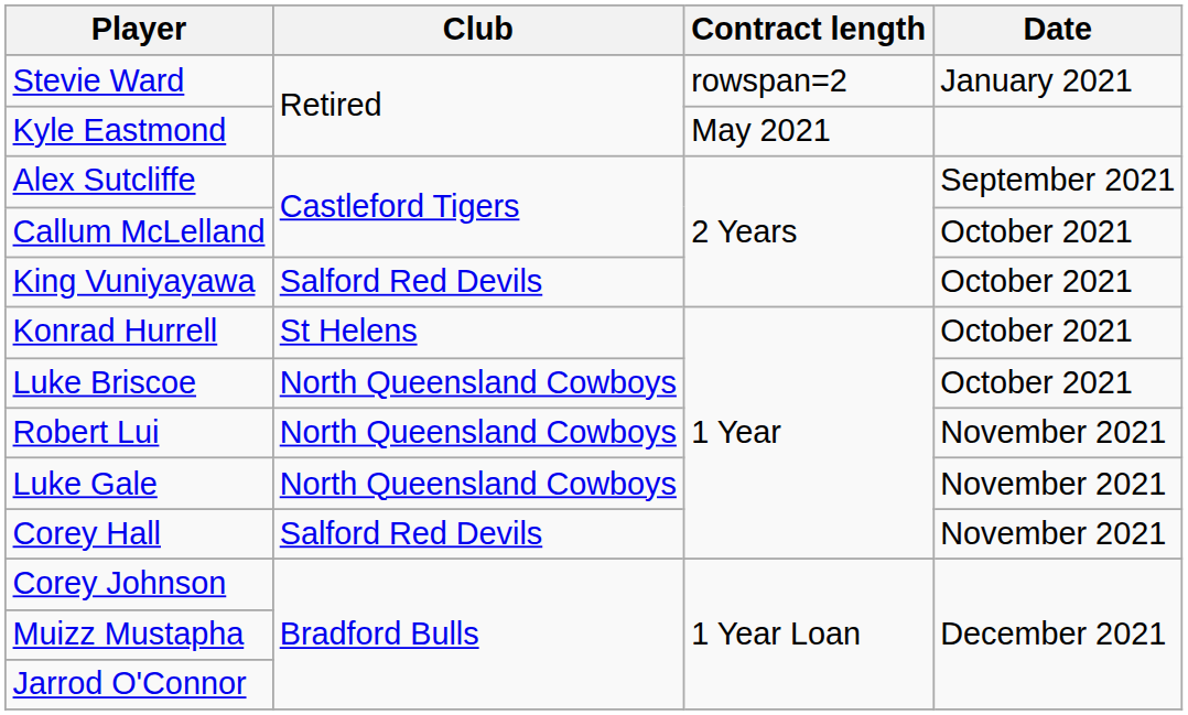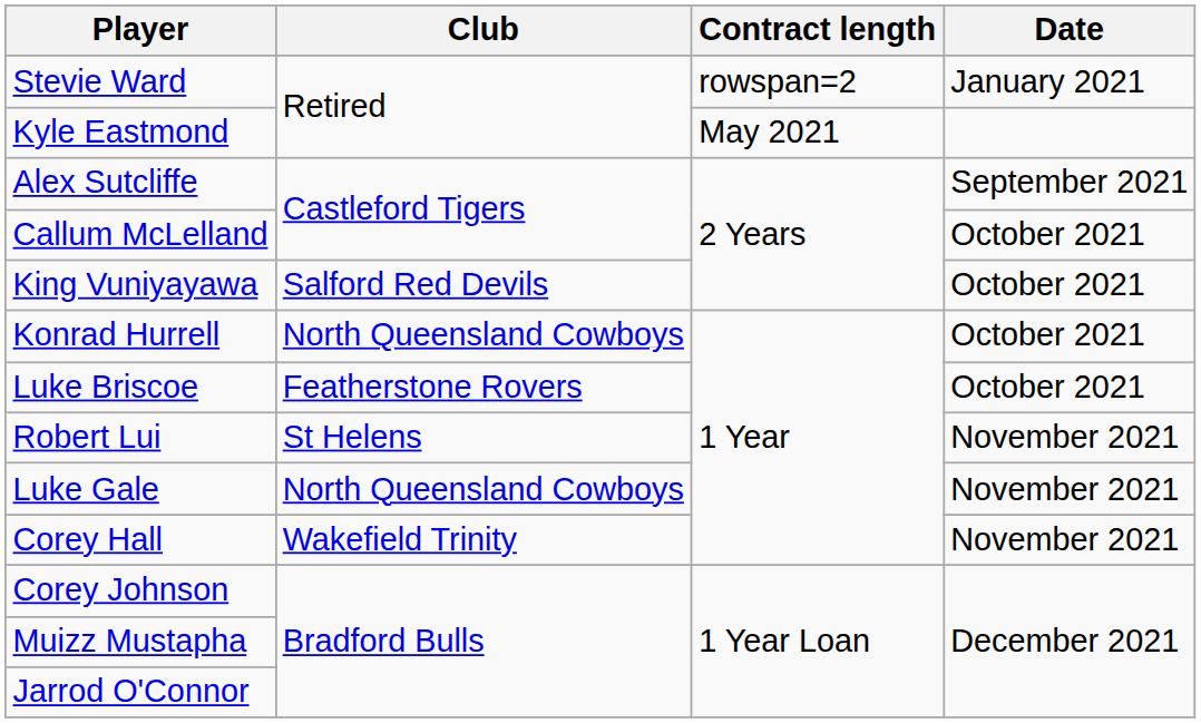 <table class="wikitable">
 <tr>
 <th>Player</th>
 <th>Club</th>
 <th>Contract length</th>
 <th>Date</th>
 </tr>
 <tr>
 <td> <a href='#'>Stevie Ward</a></td>
 <td rowspan=2>Retired</td>
 <td>rowspan=2</td>
 <td>January 2021</td>
 </tr>
 <tr>
 <td> <a href='#'>Kyle Eastmond</a></td>
 <td>May 2021</td>
 </tr>
 <tr>
 <td> <a href='#'>Alex Sutcliffe</a></td>
 <td rowspan=2><a href='#'>Castleford Tigers</a></td>
 <td rowspan=3>2 Years</td>
 <td>September 2021 </td>
 </tr>
 <tr>
 <td> <a href='#'>Callum McLelland</a></td>
 <td>October 2021 </td>
 </tr>
 <tr>
 <td> <a href='#'>King Vuniyayawa</a></td>
 <td><a href='#'>Salford Red Devils</a></td>
 <td>October 2021</td>
 </tr>
 <tr>
 <td> <a href='#'>Konrad Hurrell</a></td>
-<td><a href='#'>St Helens</a></td>
+<td><a href='#'>North Queensland Cowboys</a></td>
 <td rowspan=5>1 Year</td>
 <td>October 2021</td>
 </tr>
 <tr>
 <td> <a href='#'>Luke Briscoe</a></td>
-<td><a href='#'>North Queensland Cowboys</a></td>
+<td><a href='#'>Featherstone Rovers</a></td>
 <td>October 2021</td>
 </tr>
 <tr>
 <td> <a href='#'>Robert Lui</a></td>
-<td><a href='#'>North Queensland Cowboys</a></td>
+<td><a href='#'>St Helens</a></td>
 <td>November 2021</td>
 </tr>
 <tr>
 <td> <a href='#'>Luke Gale</a></td>
 <td><a href='#'>North Queensland Cowboys</a></td>
 <td>November 2021 </td>
 </tr>
 <tr>
 <td> <a href='#'>Corey Hall</a></td>
-<td><a href='#'>Salford Red Devils</a></td>
+<td><a href='#'>Wakefield Trinity</a></td>
 <td>November 2021</td>
 </tr>
 <tr>
 <td> <a href='#'>Corey Johnson</a></td>
 <td rowspan=3><a href='#'>Bradford Bulls</a></td>
 <td rowspan=3>1 Year Loan</td>
 <td rowspan=3>December 2021 </td>
 </tr>
 <tr>
 <td> <a href='#'>Muizz Mustapha</a></td>
 </tr>
 <tr>
 <td> <a href='#'>Jarrod O'Connor</a></td>
 </tr>
 </table>
